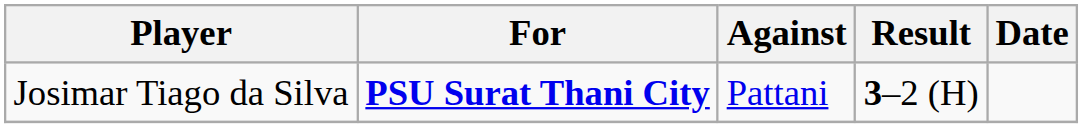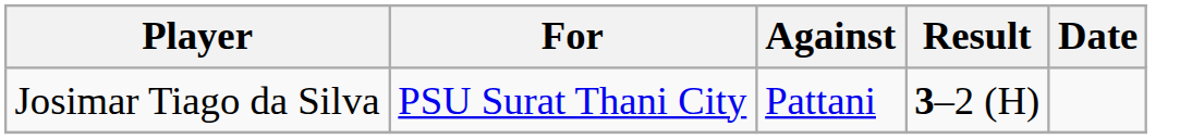 <table class="wikitable">
 <tr>
 <th>Player</th>
 <th>For</th>
 <th>Against</th>
 <th>Result</th>
 <th>Date</th>
 </tr>
 <tr>
 <td> Josimar Tiago da Silva</td>
-<td><strong><a href='#'>PSU Surat Thani City</a></strong></td>
+<td><a href='#'>PSU Surat Thani City</a></td>
 <td><a href='#'>Pattani</a></td>
 <td><strong>3</strong>–2 (H)</td>
 <td></td>
 </tr>
 <tr>
 </tr>
 </table>
